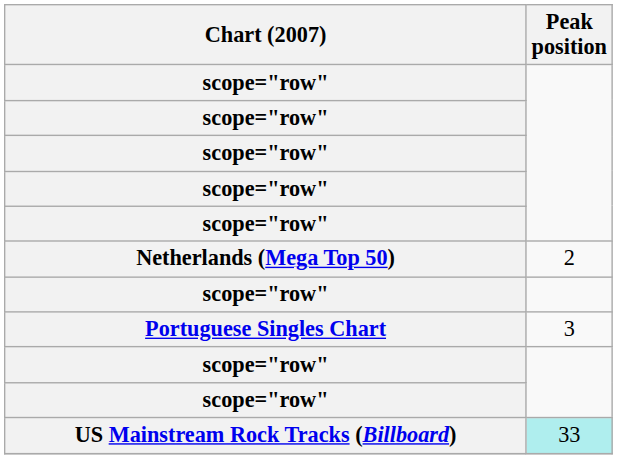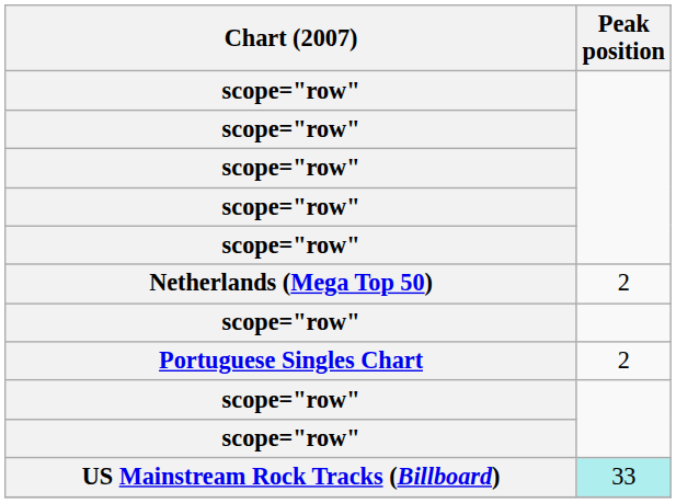 <table class="wikitable sortable plainrowheaders">
 <tr>
 <th scope="col" style="width:23em;">Chart (2007)</th>
 <th scope="col">Peak<br>position</th>
 </tr>
 <tr>
 <th>scope="row" </th>
 </tr>
 <tr>
 <th>scope="row" </th>
 </tr>
 <tr>
 <th>scope="row" </th>
 </tr>
 <tr>
 <th>scope="row" </th>
 </tr>
 <tr>
 <th>scope="row" </th>
 </tr>
 <tr>
 <th scope="row">Netherlands (<a href='#'>Mega Top 50</a>)</th>
 <td style="text-align:center;">2</td>
 </tr>
 <tr>
 <th>scope="row" </th>
 </tr>
 <tr>
 <th scope="row"><a href='#'>Portuguese Singles Chart</a></th>
-<td style="text-align:center;">3</td>
+<td style="text-align:center;">2</td>
 </tr>
 <tr>
 <th>scope="row" </th>
 </tr>
 <tr>
 <th>scope="row" </th>
 </tr>
 <tr>
 <th scope="row">US <a href='#'>Mainstream Rock Tracks</a> (<a href='#'><em>Billboard</em></a>)</th>
 <td style="background: paleturquoise; text-align:center;">33</td>
 </tr>
 <tr>
 </tr>
 </table>
